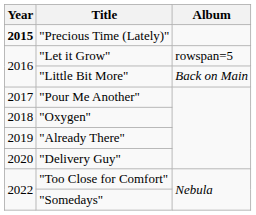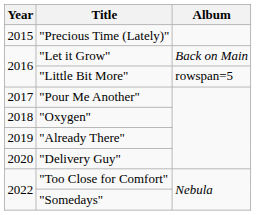 <table class="wikitable">
 <tr>
 <th>Year</th>
 <th>Title</th>
 <th>Album</th>
 </tr>
 <tr>
-<td><strong>2015</strong></td>
+<td>2015</td>
 <td>"Precious Time (Lately)"</td>
 <td></td>
 </tr>
 <tr>
 <td rowspan=2>2016</td>
 <td>"Let it Grow"</td>
-<td>rowspan=5 </td>
+<td><em>Back on Main</em></td>
 </tr>
 <tr>
 <td>"Little Bit More"</td>
-<td><em>Back on Main</em></td>
+<td>rowspan=5 </td>
 </tr>
 <tr>
 <td>2017</td>
 <td>"Pour Me Another"</td>
 </tr>
 <tr>
 <td>2018</td>
 <td>"Oxygen"<br> </td>
 </tr>
 <tr>
 <td>2019</td>
 <td>"Already There"</td>
 </tr>
 <tr>
 <td>2020</td>
 <td>"Delivery Guy"</td>
 </tr>
 <tr>
 <td rowspan=2>2022</td>
 <td>"Too Close for Comfort"</td>
 <td rowspan=2><em>Nebula</em></td>
 </tr>
 <tr>
 <td>"Somedays"</td>
 </tr>
 </table>
